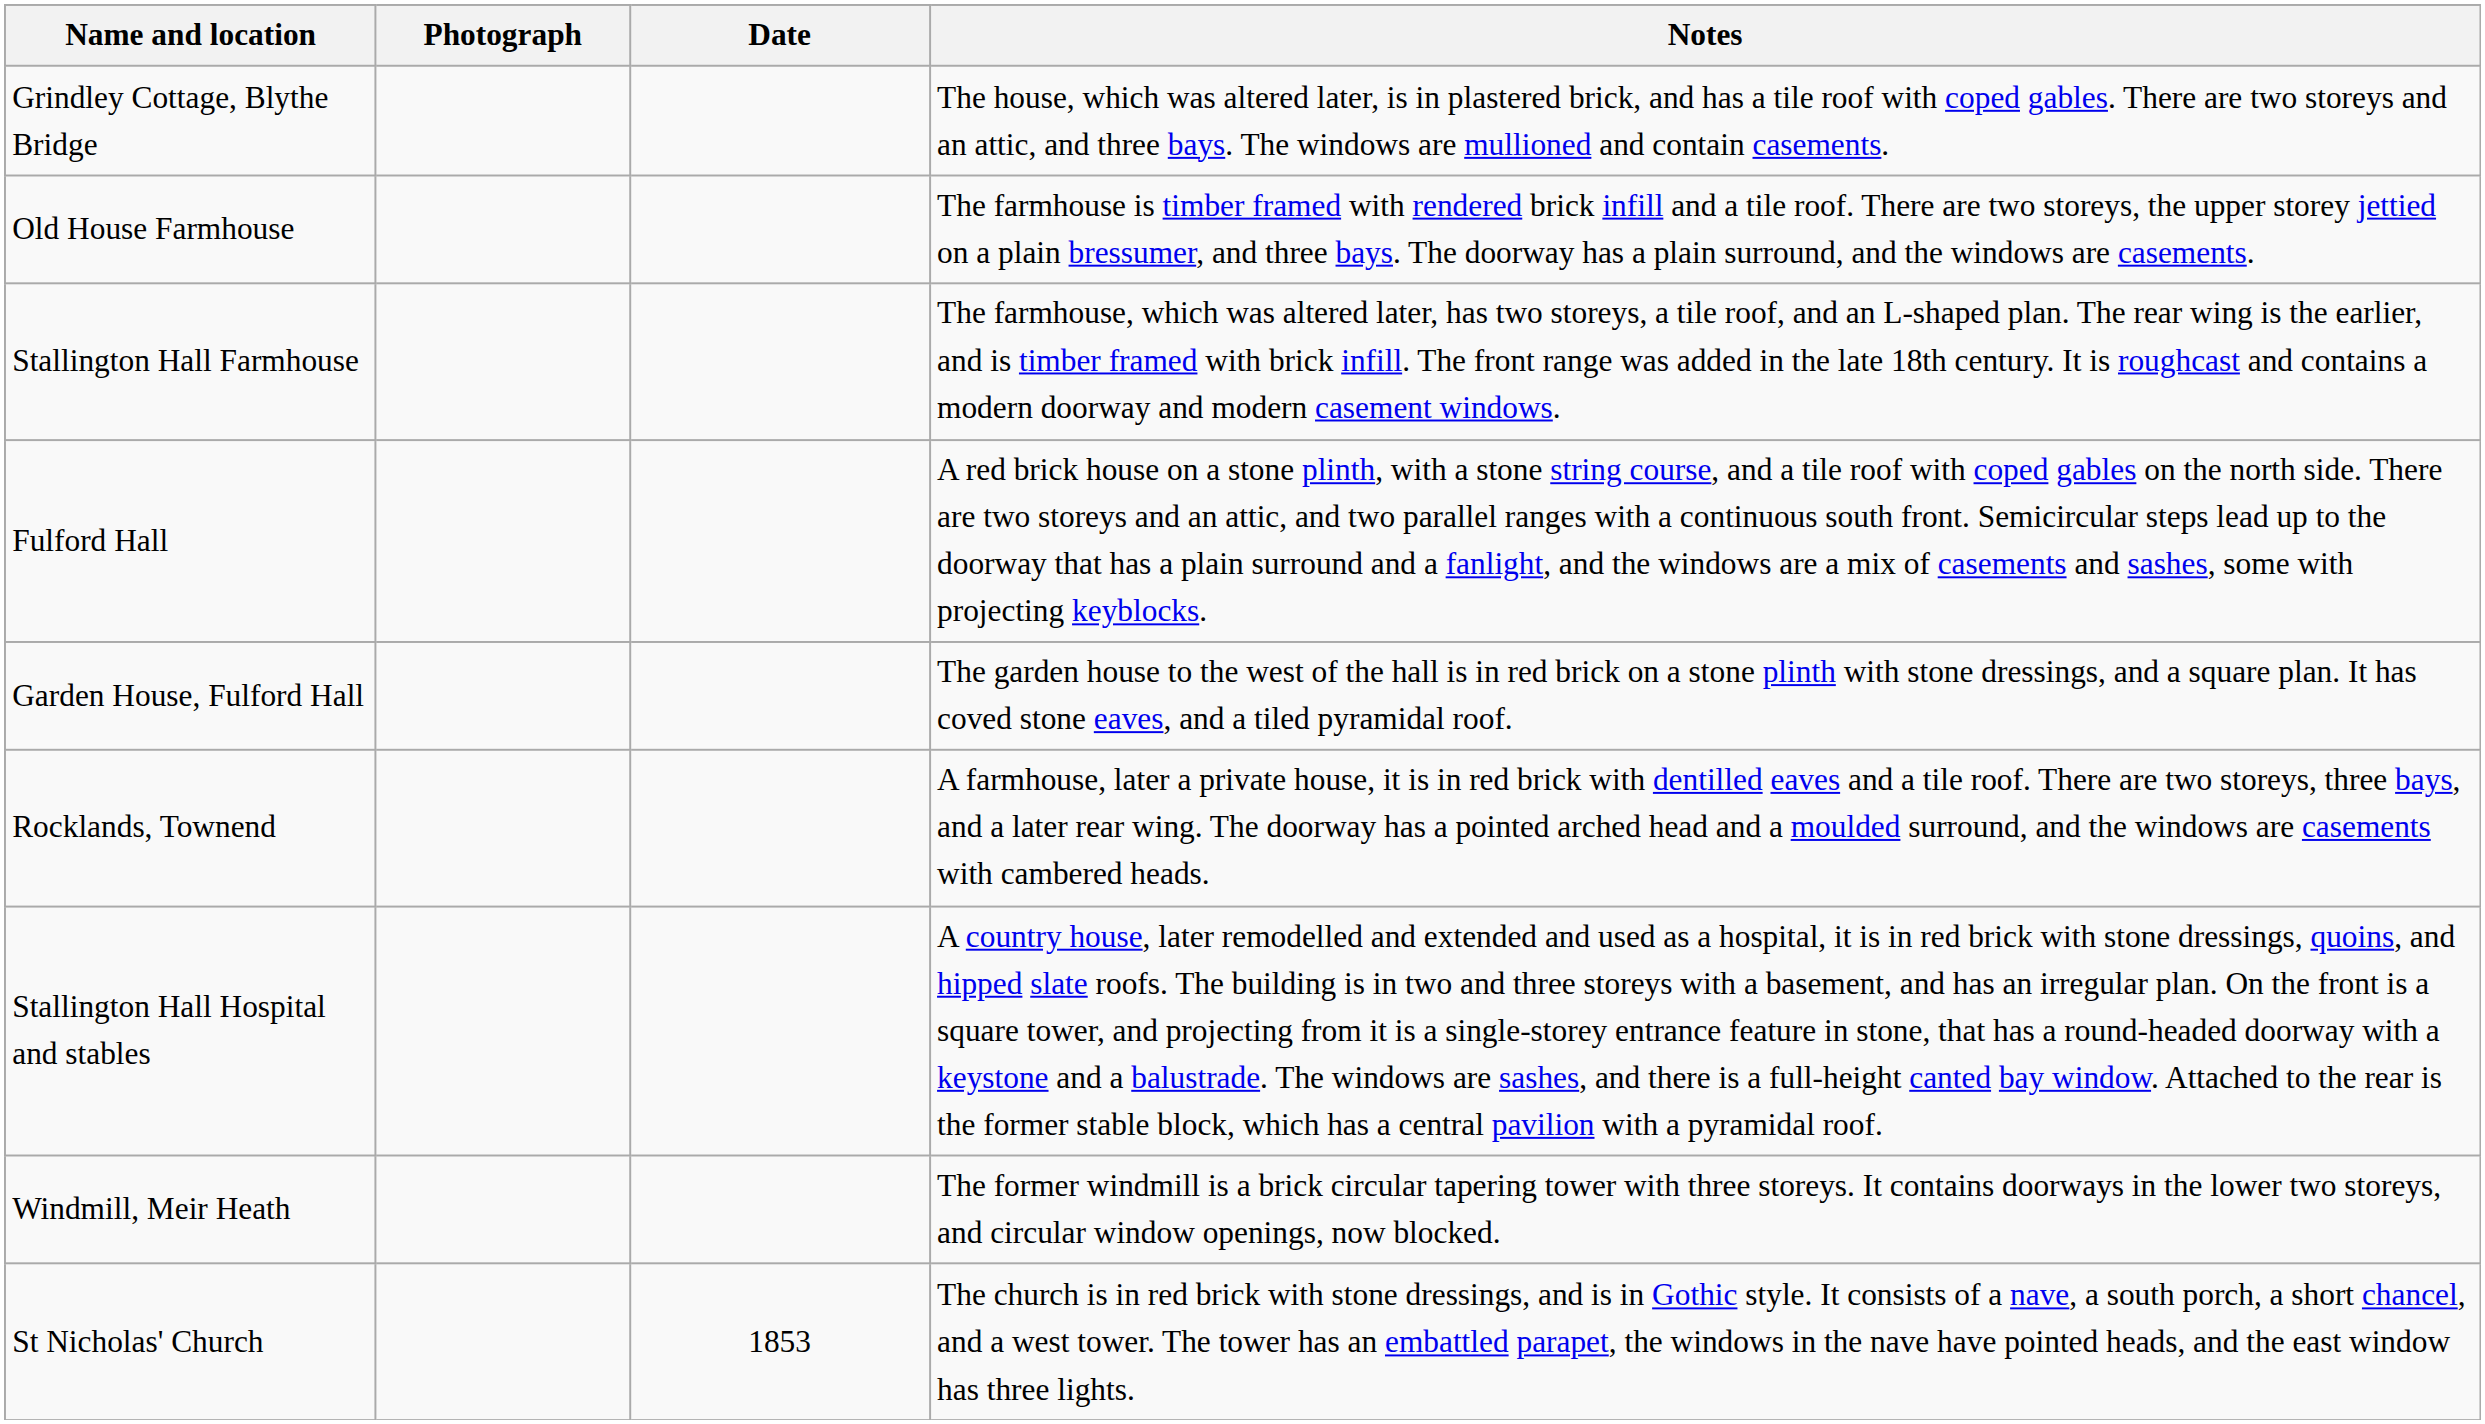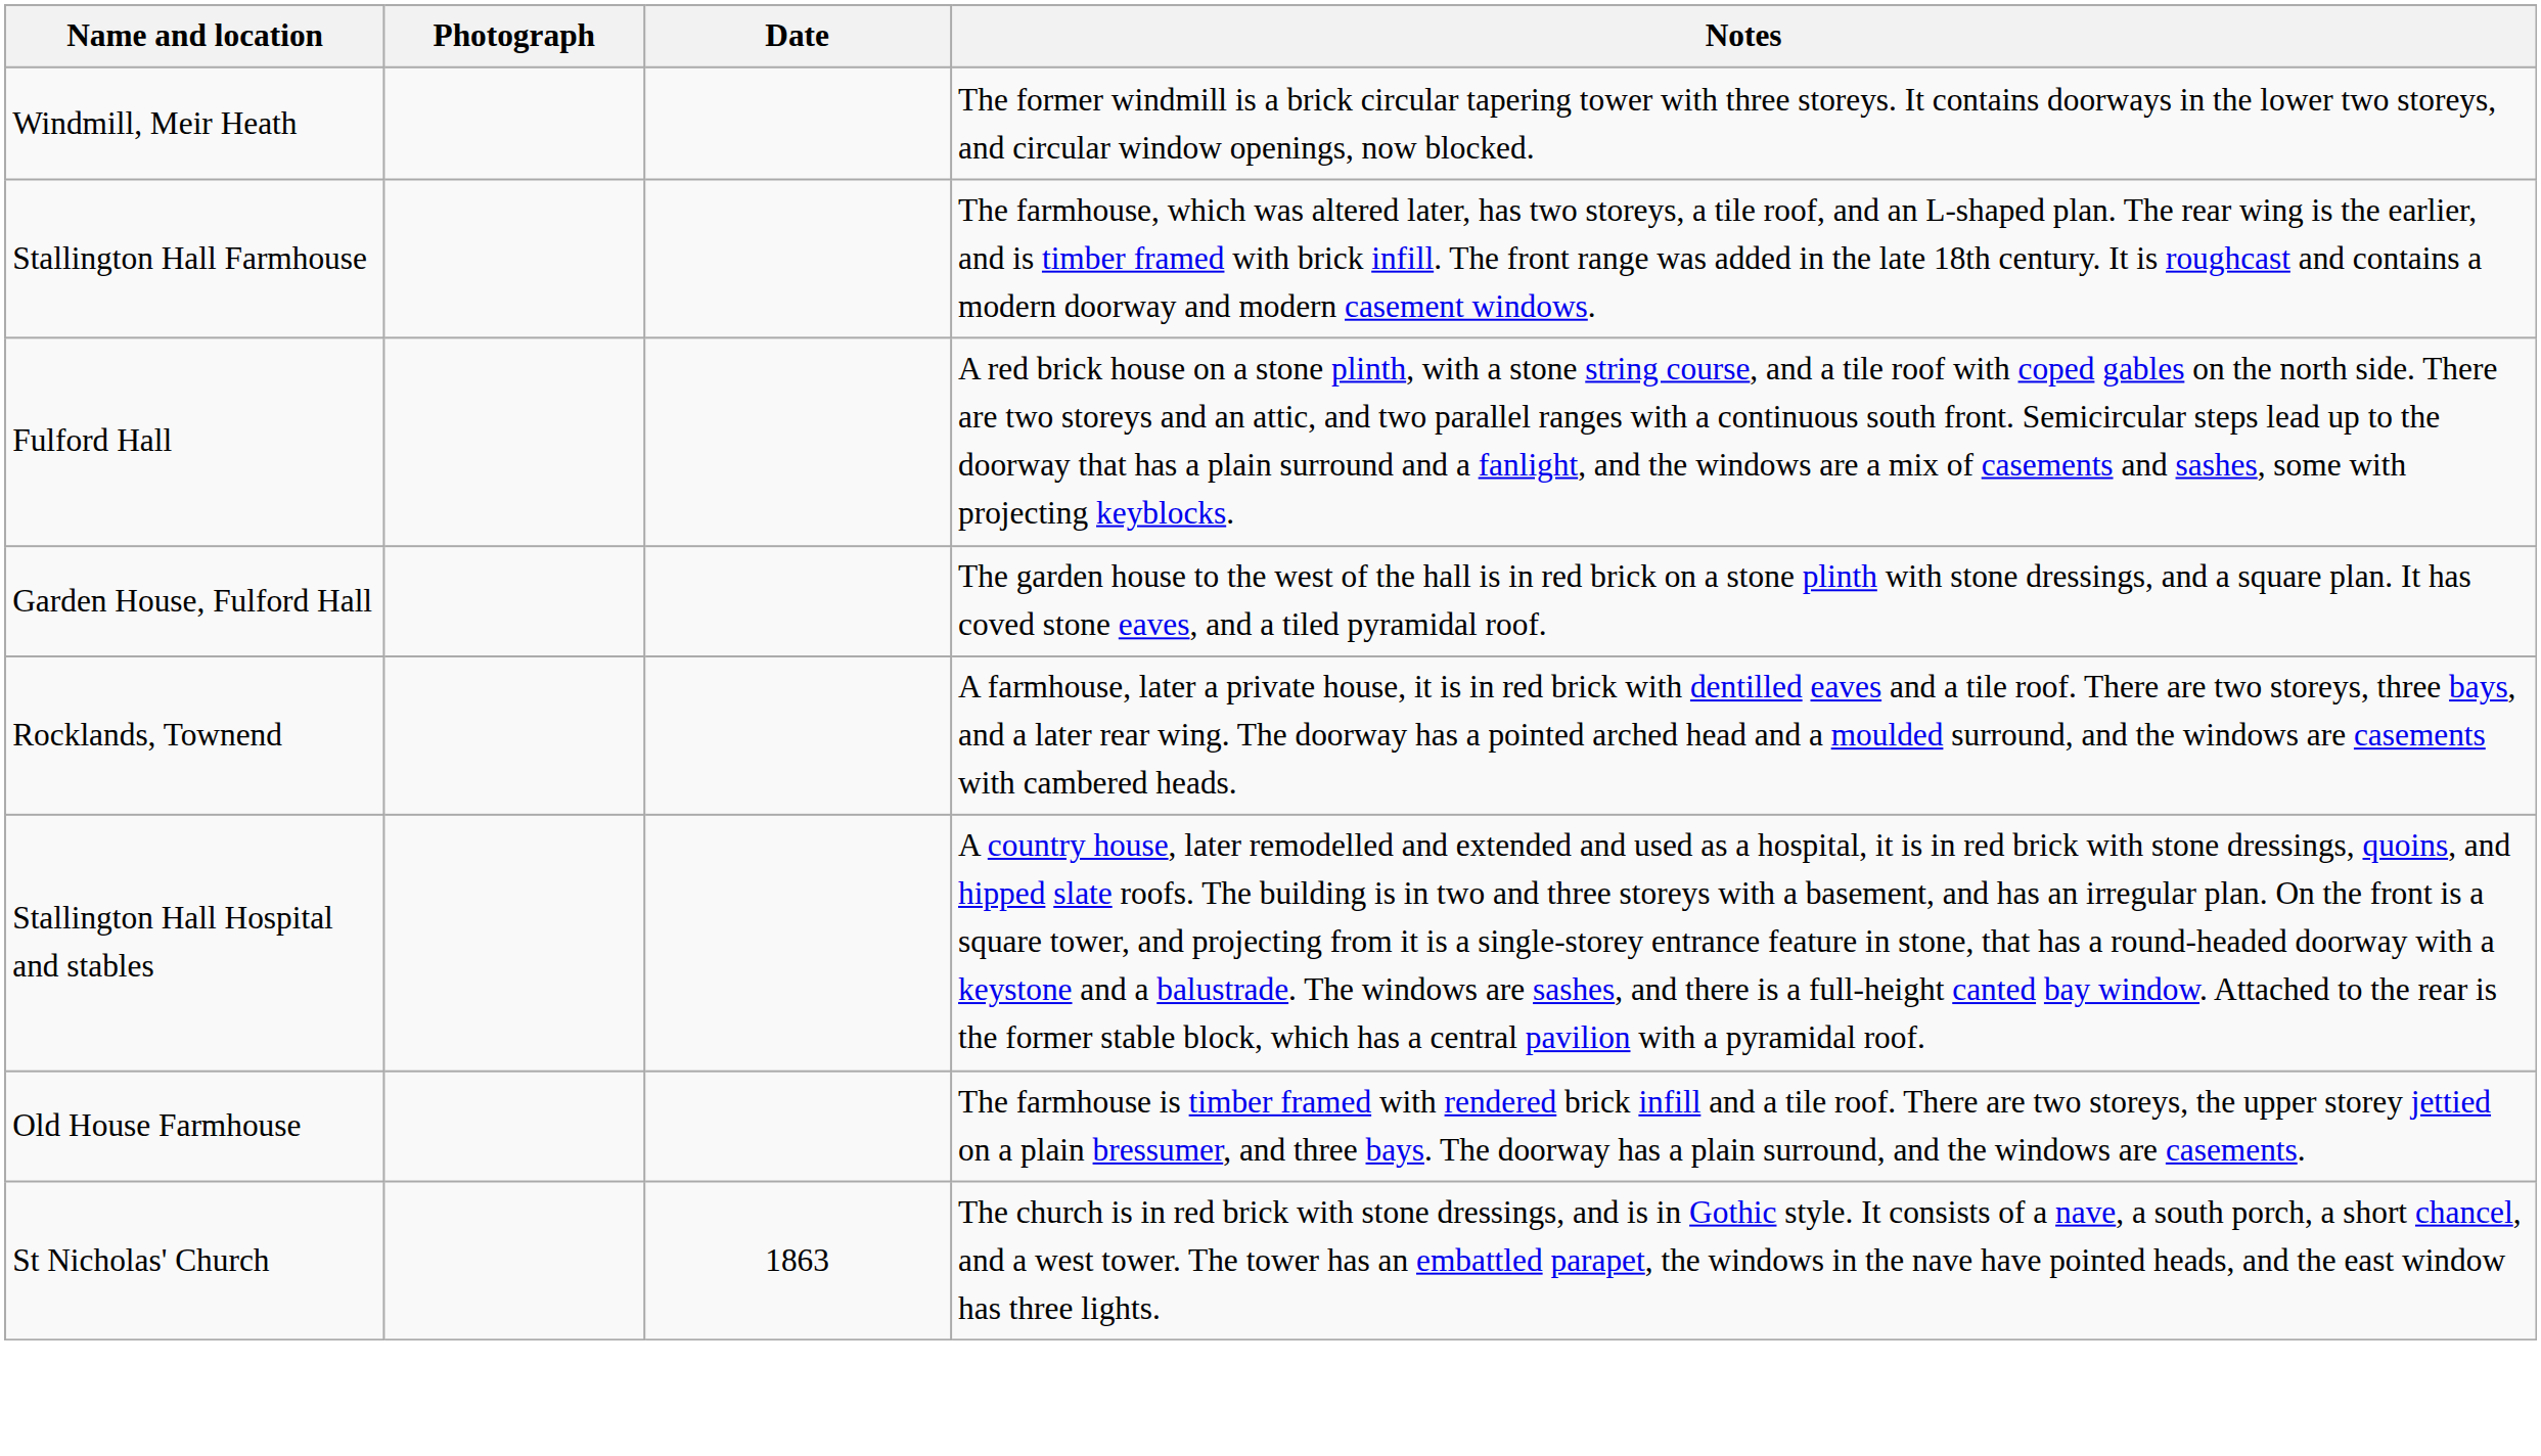 <table class="wikitable sortable plainrowheaders" style="width:100%;border:0px;text-align:left;line-height:150%;">
 <tr>
 <th scope="col"  style="width:150px">Name and location</th>
 <th scope="col"  style="width:100px" class="unsortable">Photograph</th>
 <th scope="col"  style="width:120px">Date</th>
 <th scope="col"  style="width:650px" class="unsortable">Notes</th>
 </tr>
 <tr>
-<td>Grindley Cottage, Blythe Bridge<br><small></small></td>
+<td>Windmill, Meir Heath<br><small></small></td>
 <td></td>
 <td align="center"></td>
-<td>The house, which was altered later, is in plastered brick, and has a tile roof with <a href='#'>coped</a> <a href='#'>gables</a>.  There are two storeys and an attic, and three <a href='#'>bays</a>.  The windows are <a href='#'>mullioned</a> and contain <a href='#'>casements</a>.</td>
-</tr>
-<tr>
-<td>Old House Farmhouse<br><small></small></td>
-<td></td>
-<td align="center"></td>
-<td>The farmhouse is <a href='#'>timber framed</a> with <a href='#'>rendered</a> brick <a href='#'>infill</a> and a tile roof.  There are two storeys, the upper storey <a href='#'>jettied</a> on a plain <a href='#'>bressumer</a>, and three <a href='#'>bays</a>.  The doorway has a plain surround, and the windows are <a href='#'>casements</a>.</td>
+<td>The former windmill is a brick circular tapering tower with three storeys.  It contains doorways in the lower two storeys, and circular window openings, now blocked.</td>
 </tr>
 <tr>
 <td>Stallington Hall Farmhouse<br><small></small></td>
 <td></td>
 <td align="center"></td>
 <td>The farmhouse, which was altered later, has two storeys, a tile roof, and an L-shaped plan.  The rear wing is the earlier, and is <a href='#'>timber framed</a> with brick <a href='#'>infill</a>.  The front range was added in the late 18th century.  It is <a href='#'>roughcast</a> and contains a modern doorway and modern <a href='#'>casement windows</a>.</td>
 </tr>
 <tr>
 <td>Fulford Hall<br><small></small></td>
 <td></td>
 <td align="center"></td>
 <td>A red brick house on a stone <a href='#'>plinth</a>, with a stone <a href='#'>string course</a>, and a tile roof with <a href='#'>coped</a> <a href='#'>gables</a> on the north side.  There are two storeys and an attic, and two parallel ranges with a continuous south front.  Semicircular steps lead up to the doorway that has a plain surround and a <a href='#'>fanlight</a>, and the windows are a mix of <a href='#'>casements</a> and <a href='#'>sashes</a>, some with projecting <a href='#'>keyblocks</a>.</td>
 </tr>
 <tr>
 <td>Garden House, Fulford Hall<br><small></small></td>
 <td></td>
 <td align="center"></td>
 <td>The garden house to the west of the hall is in red brick on a stone <a href='#'>plinth</a> with stone dressings, and a square plan.  It has coved stone <a href='#'>eaves</a>, and a tiled pyramidal roof.</td>
 </tr>
 <tr>
 <td>Rocklands, Townend<br><small></small></td>
 <td></td>
 <td align="center"></td>
 <td>A farmhouse, later a private house, it is in red brick with <a href='#'>dentilled</a> <a href='#'>eaves</a> and a tile roof.  There are two storeys, three <a href='#'>bays</a>, and a later rear wing.  The doorway has a pointed arched head and a <a href='#'>moulded</a> surround, and the windows are <a href='#'>casements</a> with cambered heads.</td>
 </tr>
 <tr>
 <td>Stallington Hall Hospital and stables<br><small></small></td>
 <td></td>
 <td align="center"></td>
 <td>A <a href='#'>country house</a>, later remodelled and extended and used as a hospital, it is in red brick with stone dressings, <a href='#'>quoins</a>, and <a href='#'>hipped</a> <a href='#'>slate</a> roofs.  The building is in two and three storeys with a basement, and has an irregular plan.  On the front is a square tower, and projecting from it is a single-storey entrance feature in stone, that has a round-headed doorway with a <a href='#'>keystone</a> and a <a href='#'>balustrade</a>.  The windows are <a href='#'>sashes</a>, and there is a full-height <a href='#'>canted</a> <a href='#'>bay window</a>.  Attached to the rear is the former stable block, which has a central <a href='#'>pavilion</a> with a pyramidal roof.</td>
 </tr>
 <tr>
-<td>Windmill, Meir Heath<br><small></small></td>
+<td>Old House Farmhouse<br><small></small></td>
 <td></td>
 <td align="center"></td>
-<td>The former windmill is a brick circular tapering tower with three storeys.  It contains doorways in the lower two storeys, and circular window openings, now blocked.</td>
+<td>The farmhouse is <a href='#'>timber framed</a> with <a href='#'>rendered</a> brick <a href='#'>infill</a> and a tile roof.  There are two storeys, the upper storey <a href='#'>jettied</a> on a plain <a href='#'>bressumer</a>, and three <a href='#'>bays</a>.  The doorway has a plain surround, and the windows are <a href='#'>casements</a>.</td>
 </tr>
 <tr>
 <td>St Nicholas' Church<br><small></small></td>
 <td></td>
-<td align="center">1853</td>
+<td align="center">1863</td>
 <td>The church is in red brick with stone dressings, and is in <a href='#'>Gothic</a> style.  It consists of a <a href='#'>nave</a>, a south porch, a short <a href='#'>chancel</a>, and a west tower.  The tower has an <a href='#'>embattled</a> <a href='#'>parapet</a>, the windows in the nave have pointed heads, and the east window has three lights.</td>
 </tr>
 <tr>
 </tr>
 </table>
